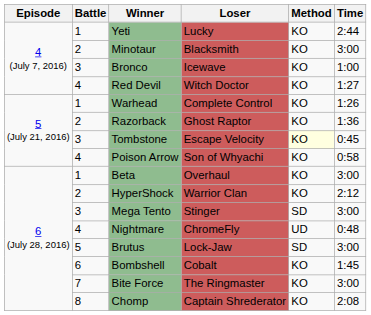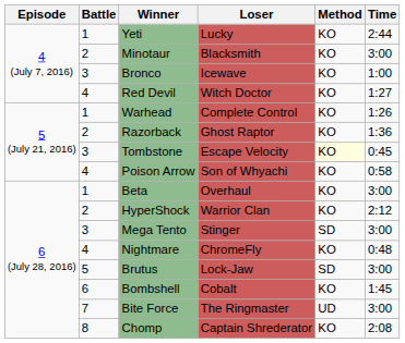 <table class="wikitable">
 <tr>
 <th>Episode</th>
 <th>Battle</th>
 <th>Winner</th>
 <th>Loser</th>
 <th>Method</th>
 <th>Time</th>
 </tr>
 <tr>
 <td style="text-align:center;" rowspan="4"><a href='#'>4</a><br><small>(July 7, 2016)</small></td>
 <td> 1</td>
 <td style="background:DarkSeaGreen;">Yeti</td>
 <td style="background:IndianRed;">Lucky</td>
 <td>KO</td>
 <td>2:44</td>
 </tr>
 <tr>
 <td>2</td>
 <td style="background:DarkSeaGreen;">Minotaur</td>
 <td style="background:IndianRed;">Blacksmith</td>
 <td>KO</td>
 <td>3:00</td>
 </tr>
 <tr>
 <td>3</td>
 <td style="background:DarkSeaGreen;">Bronco</td>
 <td style="background:IndianRed;">Icewave</td>
 <td>KO</td>
 <td>1:00</td>
 </tr>
 <tr>
 <td>4</td>
 <td style="background:DarkSeaGreen;">Red Devil</td>
 <td style="background:IndianRed;">Witch Doctor</td>
 <td>KO</td>
 <td>1:27</td>
 </tr>
 <tr>
 <td style="text-align:center;" rowspan="4"><a href='#'>5</a><br><small>(July 21, 2016)</small></td>
 <td> 1</td>
 <td style="background:DarkSeaGreen;">Warhead</td>
 <td style="background:IndianRed;">Complete Control</td>
 <td>KO</td>
 <td>1:26</td>
 </tr>
 <tr>
 <td>2</td>
 <td style="background:DarkSeaGreen;">Razorback</td>
 <td style="background:IndianRed;">Ghost Raptor</td>
 <td>KO</td>
 <td>1:36</td>
 </tr>
 <tr>
 <td>3</td>
 <td style="background:DarkSeaGreen;">Tombstone</td>
 <td style="background:IndianRed;">Escape Velocity</td>
 <td style="background: lightyellow;">KO</td>
 <td>0:45</td>
 </tr>
 <tr>
 <td>4</td>
 <td style="background:DarkSeaGreen;">Poison Arrow</td>
 <td style="background:IndianRed;">Son of Whyachi</td>
 <td>KO</td>
 <td>0:58</td>
 </tr>
 <tr>
 <td style="text-align:center;" rowspan="8"><a href='#'>6</a><br><small>(July 28, 2016)</small></td>
 <td> 1</td>
 <td style="background:DarkSeaGreen;">Beta</td>
 <td style="background:IndianRed;">Overhaul</td>
 <td>KO</td>
 <td>3:00</td>
 </tr>
 <tr>
 <td>2</td>
 <td style="background:DarkSeaGreen;">HyperShock</td>
 <td style="background:IndianRed;">Warrior Clan</td>
 <td>KO</td>
 <td>2:12</td>
 </tr>
 <tr>
 <td>3</td>
 <td style="background:DarkSeaGreen;">Mega Tento</td>
 <td style="background:IndianRed;">Stinger</td>
 <td>SD</td>
 <td>3:00</td>
 </tr>
 <tr>
 <td>4</td>
 <td style="background:DarkSeaGreen;">Nightmare</td>
 <td style="background:IndianRed;">ChromeFly</td>
-<td>UD</td>
+<td>KO</td>
 <td>0:48</td>
 </tr>
 <tr>
 <td>5</td>
 <td style="background:DarkSeaGreen;">Brutus</td>
 <td style="background:IndianRed;">Lock-Jaw</td>
 <td>SD</td>
 <td>3:00</td>
 </tr>
 <tr>
 <td>6</td>
 <td style="background:DarkSeaGreen;">Bombshell</td>
 <td style="background:IndianRed;">Cobalt</td>
 <td>KO</td>
 <td>1:45</td>
 </tr>
 <tr>
 <td>7</td>
 <td style="background:DarkSeaGreen;">Bite Force</td>
 <td style="background:IndianRed;">The Ringmaster</td>
-<td>KO</td>
+<td>UD</td>
 <td>3:00</td>
 </tr>
 <tr>
 <td>8</td>
 <td style="background:DarkSeaGreen;">Chomp</td>
 <td style="background:IndianRed;">Captain Shrederator</td>
 <td>KO</td>
 <td>2:08</td>
 </tr>
 </table>
